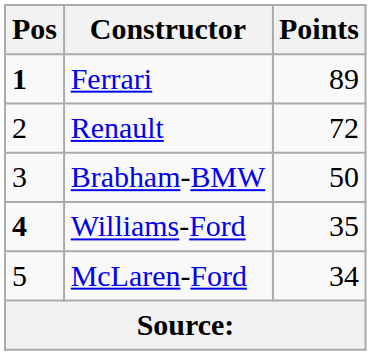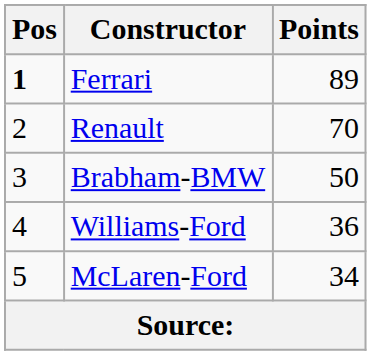 <table class="wikitable" style="font-size: 95%;">
 <tr>
 <th>Pos</th>
 <th>Constructor</th>
 <th>Points</th>
 </tr>
 <tr>
 <td><strong>1</strong></td>
 <td> <a href='#'>Ferrari</a></td>
 <td style="text-align: right">89</td>
 </tr>
 <tr>
 <td>2</td>
 <td> <a href='#'>Renault</a></td>
-<td style="text-align: right">72</td>
+<td style="text-align: right">70</td>
 </tr>
 <tr>
 <td>3</td>
 <td> <a href='#'>Brabham</a>-<a href='#'>BMW</a></td>
 <td style="text-align: right">50</td>
 </tr>
 <tr>
-<td><strong>4</strong></td>
+<td>4</td>
 <td> <a href='#'>Williams</a>-<a href='#'>Ford</a></td>
-<td style="text-align: right">35</td>
+<td style="text-align: right">36</td>
 </tr>
 <tr>
 <td>5</td>
 <td> <a href='#'>McLaren</a>-<a href='#'>Ford</a></td>
 <td style="text-align: right">34</td>
 </tr>
 <tr>
 <th colspan=4>Source: </th>
 </tr>
 </table>
